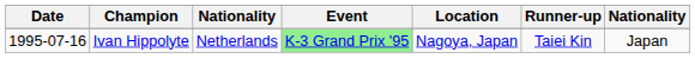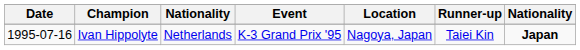 <table class="wikitable" style="text-align:center">
 <tr>
 </tr>
 <tr bgcolor="#dddddd">
 <th>Date</th>
 <th>Champion</th>
 <th>Nationality</th>
 <th>Event</th>
 <th>Location</th>
 <th>Runner-up</th>
 <th>Nationality</th>
 </tr>
 <tr>
 </tr>
 <tr>
 <td>1995-07-16</td>
 <td><a href='#'>Ivan Hippolyte</a></td>
 <td> <a href='#'>Netherlands</a></td>
-<td style="background: lightgreen;"><a href='#'>K-3 Grand Prix '95</a></td>
+<td><a href='#'>K-3 Grand Prix '95</a></td>
 <td><a href='#'>Nagoya, Japan</a></td>
 <td><a href='#'>Taiei Kin</a></td>
-<td> Japan</td>
+<td><strong> Japan</strong></td>
 </tr>
 </table>
